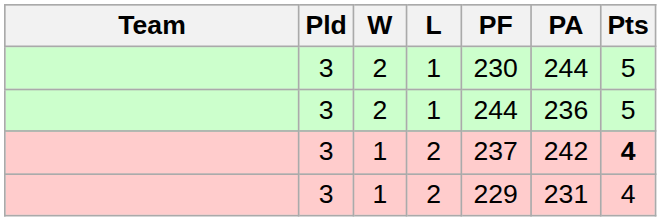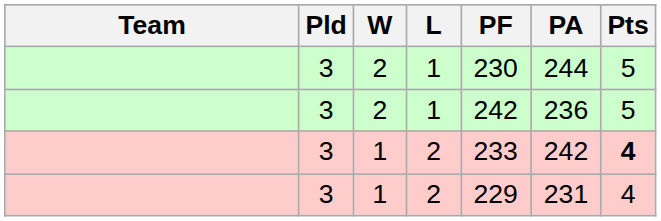 <table class="wikitable" style="text-align:center;">
 <tr>
 <th width=170>Team</th>
 <th width=25>Pld</th>
 <th width=25>W</th>
 <th width=25>L</th>
 <th width=35>PF</th>
 <th width=35>PA</th>
 <th width=25>Pts</th>
 </tr>
 <tr bgcolor=#ccffcc>
 <td align="left"></td>
 <td>3</td>
 <td>2</td>
 <td>1</td>
 <td>230</td>
 <td>244</td>
 <td>5</td>
 </tr>
 <tr bgcolor=#ccffcc>
 <td align="left"></td>
 <td>3</td>
 <td>2</td>
 <td>1</td>
-<td>244</td>
+<td>242</td>
 <td>236</td>
 <td>5</td>
 </tr>
 <tr bgcolor=#ffcccc>
 <td align="left"></td>
 <td>3</td>
 <td>1</td>
 <td>2</td>
-<td>237</td>
+<td>233</td>
 <td>242</td>
 <td><strong>4</strong></td>
 </tr>
 <tr bgcolor=#ffcccc>
 <td align="left"></td>
 <td>3</td>
 <td>1</td>
 <td>2</td>
 <td>229</td>
 <td>231</td>
 <td>4</td>
 </tr>
 </table>
